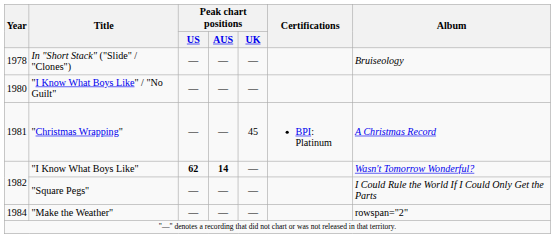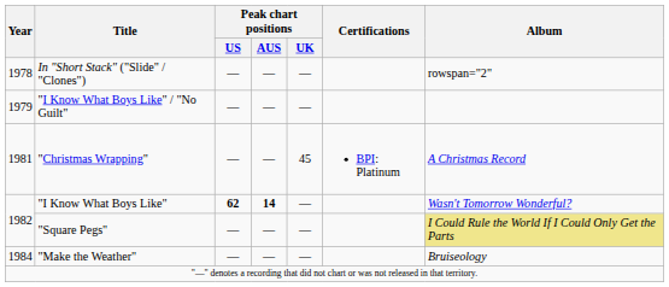 <table class="wikitable">
 <tr>
 <th scope="col" rowspan=2>Year</th>
 <th scope="col" rowspan=2>Title</th>
 <th scope="col" colspan=3>Peak chart positions</th>
 <th scope="col" rowspan="2">Certifications</th>
 <th scope="col" rowspan=2>Album</th>
 </tr>
 <tr>
 <th style="width:40px;"><a href='#'>US</a><br></th>
 <th style="width:40px;"><a href='#'>AUS</a><br></th>
 <th style="width:40px;"><a href='#'>UK</a><br></th>
 </tr>
 <tr>
 <td align=center>1978</td>
 <td><em>In "Short Stack"</em> ("Slide" / "Clones")</td>
 <td align=center>—</td>
 <td align=center>—</td>
 <td align=center>—</td>
 <td></td>
-<td><em>Bruiseology</em></td>
+<td>rowspan="2" </td>
 </tr>
 <tr>
-<td align=center>1980</td>
+<td align=center>1979</td>
 <td>"<a href='#'>I Know What Boys Like</a>" / "No Guilt"</td>
 <td align=center>—</td>
 <td align=center>—</td>
 <td align=center>—</td>
 <td></td>
 </tr>
 <tr>
 <td align=center>1981</td>
 <td>"<a href='#'>Christmas Wrapping</a>"</td>
 <td align=center>—</td>
 <td align=center>—</td>
 <td align=center>45</td>
 <td><br><ul><li><a href='#'>BPI</a>: Platinum</li></ul></td>
 <td><em><a href='#'>A Christmas Record</a></em></td>
 </tr>
 <tr>
 <td rowspan=2>1982</td>
 <td align=left>"I Know What Boys Like"</td>
 <td align=center><strong>62</strong></td>
 <td align=center><strong>14</strong></td>
 <td align=center>—</td>
 <td></td>
 <td><em><a href='#'>Wasn't Tomorrow Wonderful?</a></em></td>
 </tr>
 <tr>
 <td align=left>"Square Pegs"</td>
 <td align=center>—</td>
 <td align=center>—</td>
 <td align=center>—</td>
 <td></td>
-<td><em>I Could Rule the World If I Could Only Get the Parts</em></td>
+<td style="background: khaki;"><em>I Could Rule the World If I Could Only Get the Parts</em></td>
 </tr>
 <tr>
 <td align=center>1984</td>
 <td>"Make the Weather"</td>
 <td align=center>—</td>
 <td align=center>—</td>
 <td align=center>—</td>
 <td></td>
-<td>rowspan="2" </td>
+<td><em>Bruiseology</em></td>
 </tr>
 <tr>
 <td colspan="8" style="text-align:center; font-size:9pt;">"—" denotes a recording that did not chart or was not released in that territory.</td>
 </tr>
 </table>
